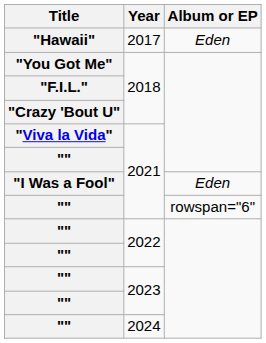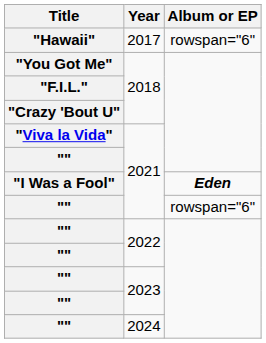 <table class="wikitable plainrowheaders" style="text-align:center;">
 <tr>
 <th scope="col">Title</th>
 <th scope="col">Year</th>
 <th scope="col">Album or EP</th>
 </tr>
 <tr>
 <th scope="row">"Hawaii"<br></th>
 <td>2017</td>
-<td><em>Eden</em></td>
+<td>rowspan="6" </td>
 </tr>
 <tr>
 <th scope="row">"You Got Me"<br></th>
 <td rowspan="3">2018</td>
 </tr>
 <tr>
 <th scope="row">"F.I.L."<br></th>
 </tr>
 <tr>
 <th scope="row">"Crazy 'Bout U"</th>
 </tr>
 <tr>
 <th scope="row">"<a href='#'>Viva la Vida</a>"</th>
 <td rowspan="4">2021</td>
 </tr>
 <tr>
 <th scope="row">""</th>
 </tr>
 <tr>
 <th scope="row">"I Was a Fool"<br></th>
-<td><em>Eden</em></td>
+<td><strong><em>Eden</em></strong></td>
 </tr>
 <tr>
 <th scope="row">""</th>
 <td>rowspan="6" </td>
 </tr>
 <tr>
 <th scope="row">""</th>
 <td rowspan="2">2022</td>
 </tr>
 <tr>
 <th scope="row">""</th>
 </tr>
 <tr>
 <th scope="row">""</th>
 <td rowspan="2">2023</td>
 </tr>
 <tr>
 <th scope="row">""</th>
 </tr>
 <tr>
 <th scope="row">""</th>
 <td>2024</td>
 </tr>
 </table>
